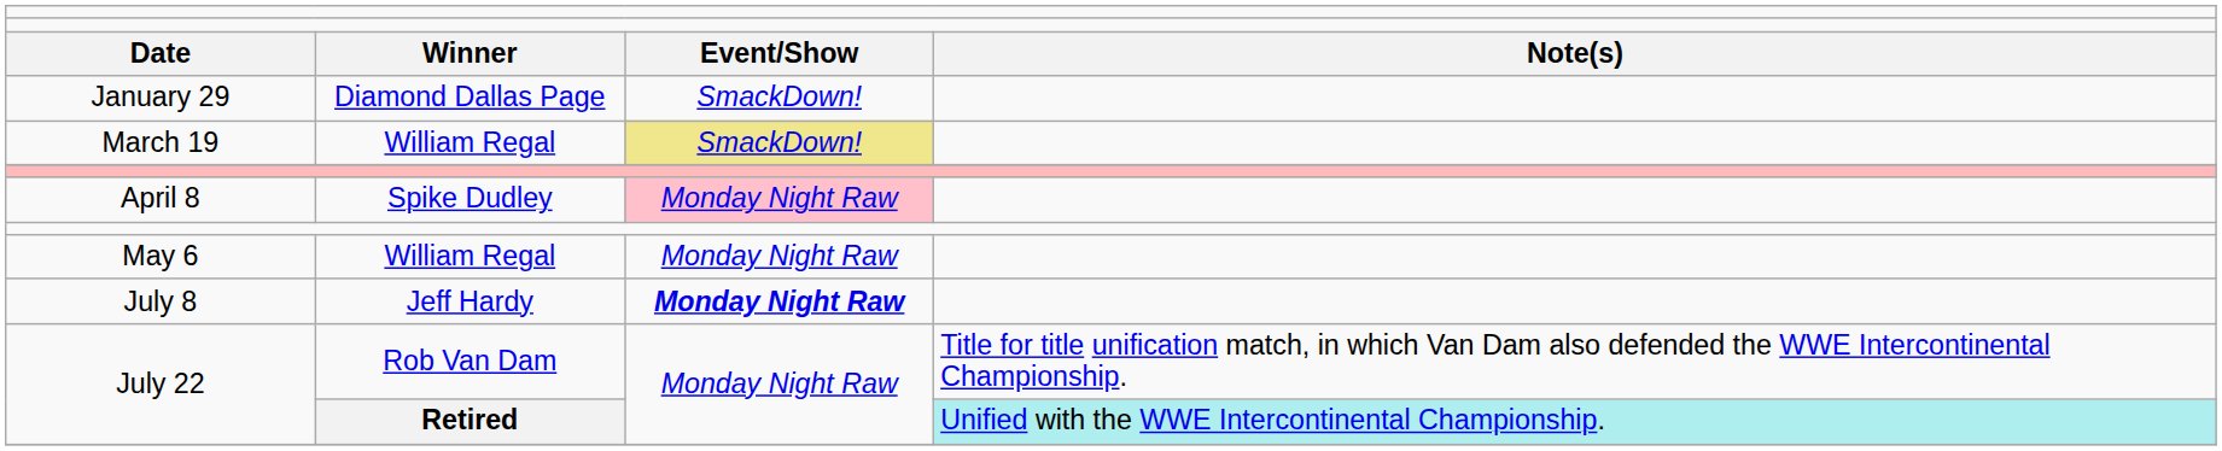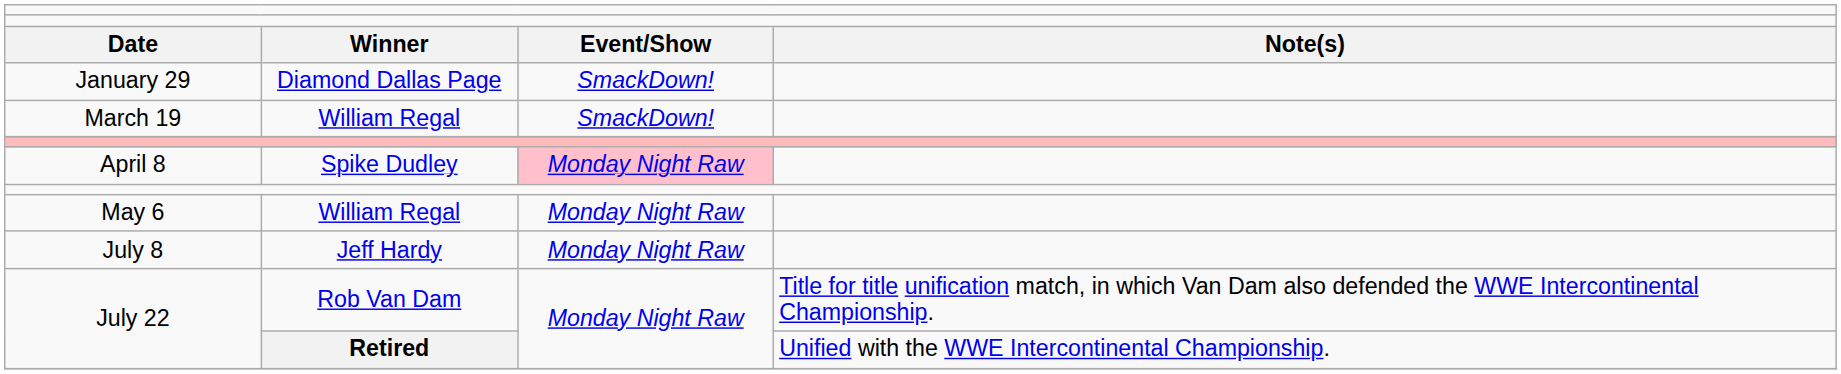 <table class="wikitable" style="text-align:center; width:100%;">
 <tr>
 <td colspan="5"></td>
 </tr>
 <tr>
 <td colspan="5"><strong></strong></td>
 </tr>
 <tr>
 <th width=14%>Date</th>
 <th width=14%>Winner</th>
 <th width=14%>Event/Show</th>
 <th width=58%>Note(s)</th>
 </tr>
 <tr>
 <td>January 29<br></td>
 <td><a href='#'>Diamond Dallas Page</a></td>
 <td><em><a href='#'>SmackDown!</a></em></td>
 <td></td>
 </tr>
 <tr>
 <td>March 19<br></td>
 <td><a href='#'>William Regal</a></td>
-<td style="background: khaki;"><em><a href='#'>SmackDown!</a></em></td>
+<td><em><a href='#'>SmackDown!</a></em></td>
 <td></td>
 </tr>
 <tr>
 </tr>
 <tr style="background:#FBB;">
 <td colspan="5"></td>
 </tr>
 <tr>
 <td>April 8</td>
 <td><a href='#'>Spike Dudley</a></td>
 <td style="background: pink;"><em><a href='#'>Monday Night Raw</a></em></td>
 <td></td>
 </tr>
 <tr>
 <td colspan="5"></td>
 </tr>
 <tr>
 <td>May 6</td>
 <td><a href='#'>William Regal</a></td>
 <td><em><a href='#'>Monday Night Raw</a></em></td>
 <td></td>
 </tr>
 <tr>
 <td>July 8</td>
 <td><a href='#'>Jeff Hardy</a></td>
-<td><strong><em><a href='#'>Monday Night Raw</a></em></strong></td>
+<td><em><a href='#'>Monday Night Raw</a></em></td>
 <td></td>
 </tr>
 <tr>
 <td rowspan=2>July 22</td>
 <td><a href='#'>Rob Van Dam</a></td>
 <td rowspan=2><em><a href='#'>Monday Night Raw</a></em></td>
 <td align=left><a href='#'>Title for title</a> <a href='#'>unification</a> match, in which Van Dam also defended the <a href='#'>WWE Intercontinental Championship</a>.</td>
 </tr>
 <tr>
 <th>Retired</th>
-<td align=left style="background: paleturquoise;"><a href='#'>Unified</a> with the <a href='#'>WWE Intercontinental Championship</a>.</td>
+<td align=left><a href='#'>Unified</a> with the <a href='#'>WWE Intercontinental Championship</a>.</td>
 </tr>
 <tr>
 </tr>
 </table>
